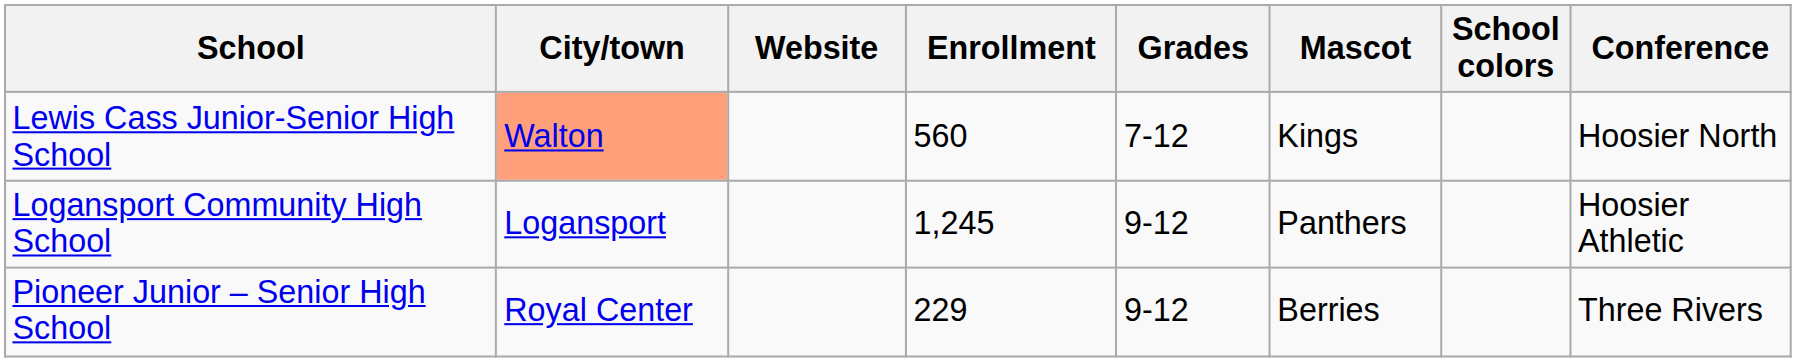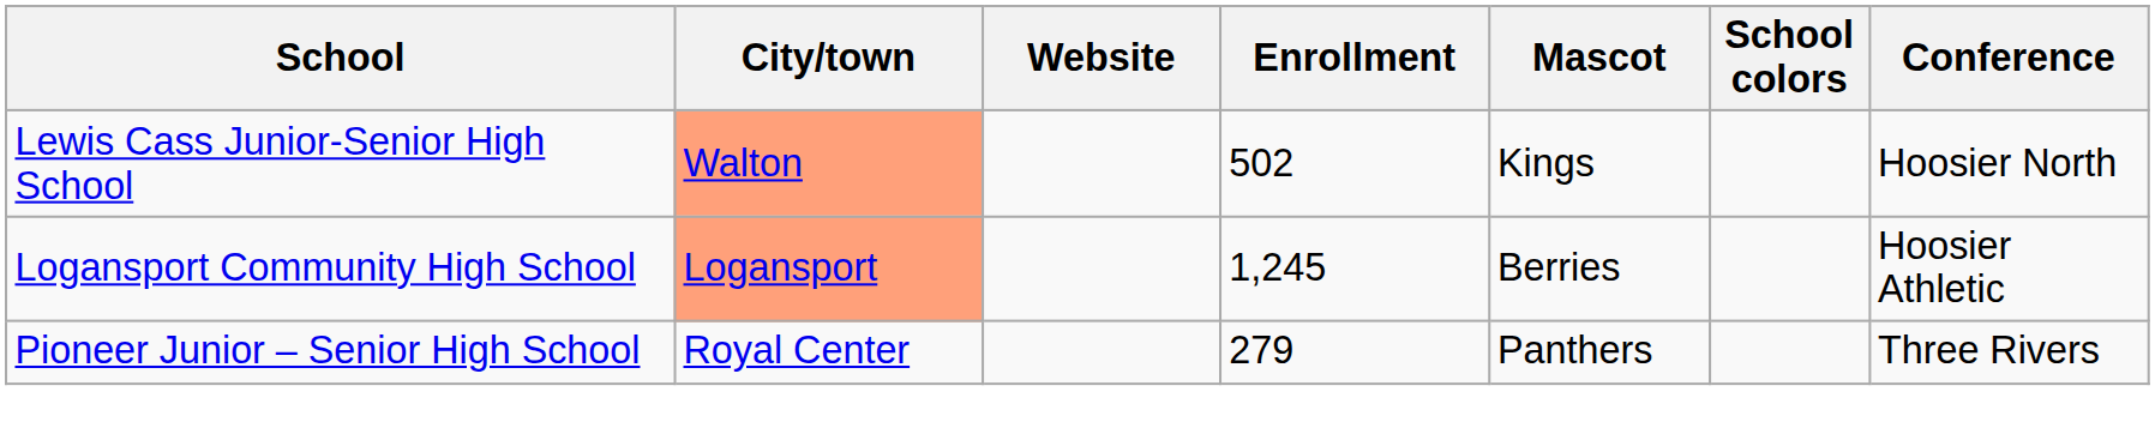 <table class="wikitable sortable" width="70%">
 <tr>
 <th width="20%">School</th>
 <th width="08%">City/town</th>
 <th width="06%">Website</th>
 <th width="04%">Enrollment</th>
-<th width="04%">Grades</th>
 <th width="04%">Mascot</th>
 <th width=01%>School colors</th>
 <th width="04%">Conference</th>
 </tr>
 <tr>
 <td><a href='#'>Lewis Cass Junior-Senior High School</a></td>
 <td style="background: lightsalmon;"><a href='#'>Walton</a></td>
 <td></td>
-<td>560</td>
-<td>7-12</td>
+<td>502</td>
 <td>Kings</td>
 <td>  </td>
 <td>Hoosier North</td>
 </tr>
 <tr>
 <td><a href='#'>Logansport Community High School</a></td>
-<td><a href='#'>Logansport</a></td>
+<td style="background: lightsalmon;"><a href='#'>Logansport</a></td>
 <td></td>
 <td>1,245</td>
-<td>9-12</td>
-<td>Panthers</td>
+<td>Berries</td>
 <td> </td>
 <td>Hoosier Athletic</td>
 </tr>
 <tr>
 <td><a href='#'>Pioneer Junior – Senior High School</a></td>
 <td><a href='#'>Royal Center</a></td>
 <td></td>
-<td>229</td>
-<td>9-12</td>
-<td>Berries</td>
+<td>279</td>
+<td>Panthers</td>
 <td> </td>
 <td>Three Rivers</td>
 </tr>
 </table>
